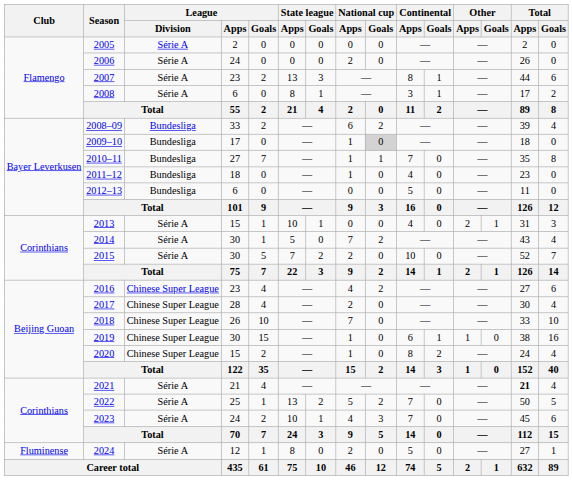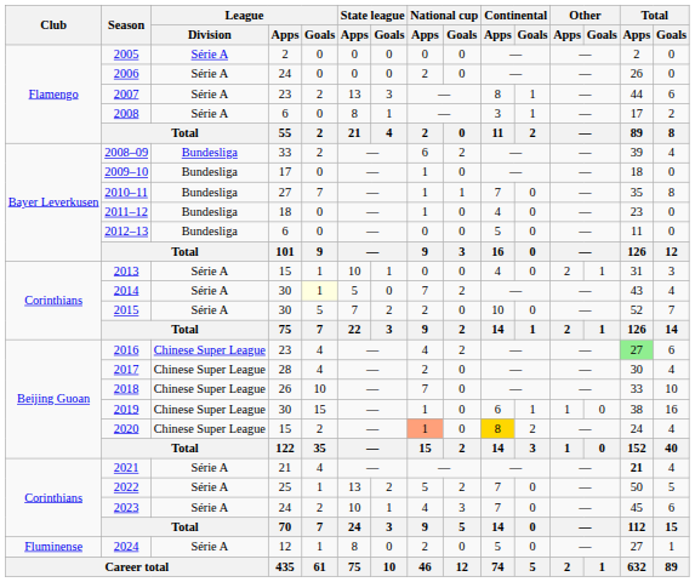 <table class="wikitable" style="text-align: center">
 <tr>
 <th rowspan="2">Club</th>
 <th rowspan="2">Season</th>
 <th colspan="3">League</th>
 <th colspan="2">State league</th>
 <th colspan="2">National cup</th>
 <th colspan="2">Continental</th>
 <th colspan="2">Other</th>
 <th colspan="2">Total</th>
 </tr>
 <tr>
 <th>Division</th>
 <th>Apps</th>
 <th>Goals</th>
 <th>Apps</th>
 <th>Goals</th>
 <th>Apps</th>
 <th>Goals</th>
 <th>Apps</th>
 <th>Goals</th>
 <th>Apps</th>
 <th>Goals</th>
 <th>Apps</th>
 <th>Goals</th>
 </tr>
 <tr>
 <td rowspan="5"><a href='#'>Flamengo</a></td>
 <td><a href='#'>2005</a></td>
 <td><a href='#'>Série A</a></td>
 <td>2</td>
 <td>0</td>
 <td>0</td>
 <td>0</td>
 <td>0</td>
 <td>0</td>
 <td colspan="2">—</td>
 <td colspan="2">—</td>
 <td>2</td>
 <td>0</td>
 </tr>
 <tr>
 <td><a href='#'>2006</a></td>
 <td>Série A</td>
 <td>24</td>
 <td>0</td>
 <td>0</td>
 <td>0</td>
 <td>2</td>
 <td>0</td>
 <td colspan="2">—</td>
 <td colspan="2">—</td>
 <td>26</td>
 <td>0</td>
 </tr>
 <tr>
 <td><a href='#'>2007</a></td>
 <td>Série A</td>
 <td>23</td>
 <td>2</td>
 <td>13</td>
 <td>3</td>
 <td colspan="2">—</td>
 <td>8</td>
 <td>1</td>
 <td colspan="2">—</td>
 <td>44</td>
 <td>6</td>
 </tr>
 <tr>
 <td><a href='#'>2008</a></td>
 <td>Série A</td>
 <td>6</td>
 <td>0</td>
 <td>8</td>
 <td>1</td>
 <td colspan="2">—</td>
 <td>3</td>
 <td>1</td>
 <td colspan="2">—</td>
 <td>17</td>
 <td>2</td>
 </tr>
 <tr>
 <th colspan="2">Total</th>
 <th>55</th>
 <th>2</th>
 <th>21</th>
 <th>4</th>
 <th>2</th>
 <th>0</th>
 <th>11</th>
 <th>2</th>
 <th colspan="2">—</th>
 <th>89</th>
 <th>8</th>
 </tr>
 <tr>
 <td rowspan="6"><a href='#'>Bayer Leverkusen</a></td>
 <td><a href='#'>2008–09</a></td>
 <td><a href='#'>Bundesliga</a></td>
 <td>33</td>
 <td>2</td>
 <td colspan="2">—</td>
 <td>6</td>
 <td>2</td>
 <td colspan="2">—</td>
 <td colspan="2">—</td>
 <td>39</td>
 <td>4</td>
 </tr>
 <tr>
 <td><a href='#'>2009–10</a></td>
 <td>Bundesliga</td>
 <td>17</td>
 <td>0</td>
 <td colspan="2">—</td>
 <td>1</td>
-<td style="background: lightgrey;">0</td>
+<td>0</td>
 <td colspan="2">—</td>
 <td colspan="2">—</td>
 <td>18</td>
 <td>0</td>
 </tr>
 <tr>
 <td><a href='#'>2010–11</a></td>
 <td>Bundesliga</td>
 <td>27</td>
 <td>7</td>
 <td colspan="2">—</td>
 <td>1</td>
 <td>1</td>
 <td>7</td>
 <td>0</td>
 <td colspan="2">—</td>
 <td>35</td>
 <td>8</td>
 </tr>
 <tr>
 <td><a href='#'>2011–12</a></td>
 <td>Bundesliga</td>
 <td>18</td>
 <td>0</td>
 <td colspan="2">—</td>
 <td>1</td>
 <td>0</td>
 <td>4</td>
 <td>0</td>
 <td colspan="2">—</td>
 <td>23</td>
 <td>0</td>
 </tr>
 <tr>
 <td><a href='#'>2012–13</a></td>
 <td>Bundesliga</td>
 <td>6</td>
 <td>0</td>
 <td colspan="2">—</td>
 <td>0</td>
 <td>0</td>
 <td>5</td>
 <td>0</td>
 <td colspan="2">—</td>
 <td>11</td>
 <td>0</td>
 </tr>
 <tr>
 <th colspan="2">Total</th>
 <th>101</th>
 <th>9</th>
 <th colspan="2">—</th>
 <th>9</th>
 <th>3</th>
 <th>16</th>
 <th>0</th>
 <th colspan="2">—</th>
 <th>126</th>
 <th>12</th>
 </tr>
 <tr>
 <td rowspan="4"><a href='#'>Corinthians</a></td>
 <td><a href='#'>2013</a></td>
 <td>Série A</td>
 <td>15</td>
 <td>1</td>
 <td>10</td>
 <td>1</td>
 <td>0</td>
 <td>0</td>
 <td>4</td>
 <td>0</td>
 <td>2</td>
 <td>1</td>
 <td>31</td>
 <td>3</td>
 </tr>
 <tr>
 <td><a href='#'>2014</a></td>
 <td>Série A</td>
 <td>30</td>
-<td>1</td>
+<td style="background: lightyellow;">1</td>
 <td>5</td>
 <td>0</td>
 <td>7</td>
 <td>2</td>
 <td colspan="2">—</td>
 <td colspan="2">—</td>
 <td>43</td>
 <td>4</td>
 </tr>
 <tr>
 <td><a href='#'>2015</a></td>
 <td>Série A</td>
 <td>30</td>
 <td>5</td>
 <td>7</td>
 <td>2</td>
 <td>2</td>
 <td>0</td>
 <td>10</td>
 <td>0</td>
 <td colspan="2">—</td>
 <td>52</td>
 <td>7</td>
 </tr>
 <tr>
 <th colspan="2">Total</th>
 <th>75</th>
 <th>7</th>
 <th>22</th>
 <th>3</th>
 <th>9</th>
 <th>2</th>
 <th>14</th>
 <th>1</th>
 <th>2</th>
 <th>1</th>
 <th>126</th>
 <th>14</th>
 </tr>
 <tr>
 <td rowspan="6"><a href='#'>Beijing Guoan</a></td>
 <td><a href='#'>2016</a></td>
 <td><a href='#'>Chinese Super League</a></td>
 <td>23</td>
 <td>4</td>
 <td colspan="2">—</td>
 <td>4</td>
 <td>2</td>
 <td colspan="2">—</td>
 <td colspan="2">—</td>
-<td>27</td>
+<td style="background: lightgreen;">27</td>
 <td>6</td>
 </tr>
 <tr>
 <td><a href='#'>2017</a></td>
 <td>Chinese Super League</td>
 <td>28</td>
 <td>4</td>
 <td colspan="2">—</td>
 <td>2</td>
 <td>0</td>
 <td colspan="2">—</td>
 <td colspan="2">—</td>
 <td>30</td>
 <td>4</td>
 </tr>
 <tr>
 <td><a href='#'>2018</a></td>
 <td>Chinese Super League</td>
 <td>26</td>
 <td>10</td>
 <td colspan="2">—</td>
 <td>7</td>
 <td>0</td>
 <td colspan="2">—</td>
 <td colspan="2">—</td>
 <td>33</td>
 <td>10</td>
 </tr>
 <tr>
 <td><a href='#'>2019</a></td>
 <td>Chinese Super League</td>
 <td>30</td>
 <td>15</td>
 <td colspan="2">—</td>
 <td>1</td>
 <td>0</td>
 <td>6</td>
 <td>1</td>
 <td>1</td>
 <td>0</td>
 <td>38</td>
 <td>16</td>
 </tr>
 <tr>
 <td><a href='#'>2020</a></td>
 <td>Chinese Super League</td>
 <td>15</td>
 <td>2</td>
 <td colspan="2">—</td>
-<td>1</td>
+<td style="background: lightsalmon;">1</td>
 <td>0</td>
-<td>8</td>
+<td style="background: gold;">8</td>
 <td>2</td>
 <td colspan="2">—</td>
 <td>24</td>
 <td>4</td>
 </tr>
 <tr>
 <th colspan="2">Total</th>
 <th>122</th>
 <th>35</th>
 <th colspan="2">—</th>
 <th>15</th>
 <th>2</th>
 <th>14</th>
 <th>3</th>
 <th>1</th>
 <th>0</th>
 <th>152</th>
 <th>40</th>
 </tr>
 <tr>
 <td rowspan="4"><a href='#'>Corinthians</a></td>
 <td><a href='#'>2021</a></td>
 <td>Série A</td>
 <td>21</td>
 <td>4</td>
 <td colspan="2">—</td>
 <td colspan="2">—</td>
 <td colspan="2">—</td>
 <td colspan="2">—</td>
 <td><strong>21</strong></td>
 <td>4</td>
 </tr>
 <tr>
 <td><a href='#'>2022</a></td>
 <td>Série A</td>
 <td>25</td>
 <td>1</td>
 <td>13</td>
 <td>2</td>
 <td>5</td>
 <td>2</td>
 <td>7</td>
 <td>0</td>
 <td colspan="2">—</td>
 <td>50</td>
 <td>5</td>
 </tr>
 <tr>
 <td><a href='#'>2023</a></td>
 <td>Série A</td>
 <td>24</td>
 <td>2</td>
 <td>10</td>
 <td>1</td>
 <td>4</td>
 <td>3</td>
 <td>7</td>
 <td>0</td>
 <td colspan="2">—</td>
 <td>45</td>
 <td>6</td>
 </tr>
 <tr>
 <th colspan="2">Total</th>
 <th>70</th>
 <th>7</th>
 <th>24</th>
 <th>3</th>
 <th>9</th>
 <th>5</th>
 <th>14</th>
 <th>0</th>
 <th colspan="2">—</th>
 <th>112</th>
 <th>15</th>
 </tr>
 <tr>
 <td><a href='#'>Fluminense</a></td>
 <td><a href='#'>2024</a></td>
 <td>Série A</td>
 <td>12</td>
 <td>1</td>
 <td>8</td>
 <td>0</td>
 <td>2</td>
 <td>0</td>
 <td>5</td>
 <td>0</td>
 <td colspan="2">—</td>
 <td>27</td>
 <td>1</td>
 </tr>
 <tr>
 <th colspan="3">Career total</th>
 <th>435</th>
 <th>61</th>
 <th>75</th>
 <th>10</th>
 <th>46</th>
 <th>12</th>
 <th>74</th>
 <th>5</th>
 <th>2</th>
 <th>1</th>
 <th>632</th>
 <th>89</th>
 </tr>
 </table>
